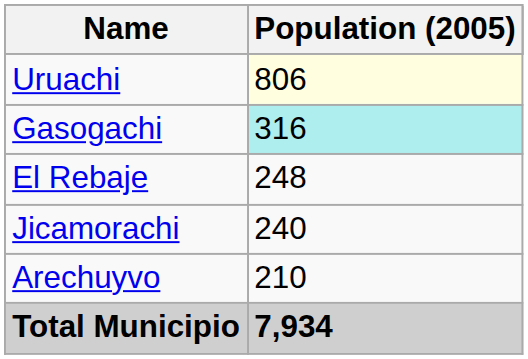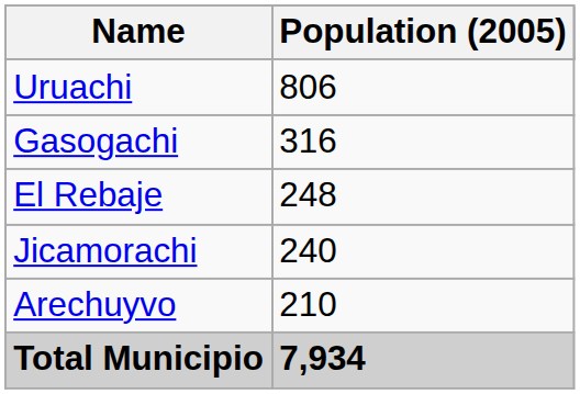 <table class="wikitable">
 <tr style="background:#000000; color:black;">
 <th><strong>Name</strong></th>
 <th><strong>Population (2005)</strong></th>
 </tr>
 <tr>
 <td><a href='#'>Uruachi</a></td>
-<td style="background: lightyellow;">806</td>
+<td>806</td>
 </tr>
 <tr>
 <td><a href='#'>Gasogachi</a></td>
-<td style="background: paleturquoise;">316</td>
+<td>316</td>
 </tr>
 <tr>
 <td><a href='#'>El Rebaje</a></td>
 <td>248</td>
 </tr>
 <tr>
 <td><a href='#'>Jicamorachi</a></td>
 <td>240</td>
 </tr>
 <tr>
 <td><a href='#'>Arechuyvo</a></td>
 <td>210</td>
 </tr>
 <tr style="background:#CFCFCF;">
 <td><strong>Total Municipio</strong></td>
 <td><strong> 7,934 </strong></td>
 </tr>
 </table>
